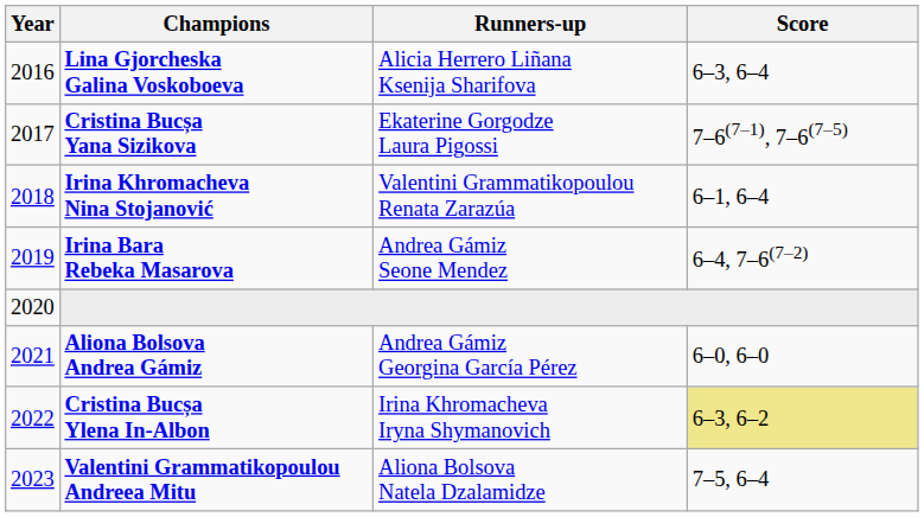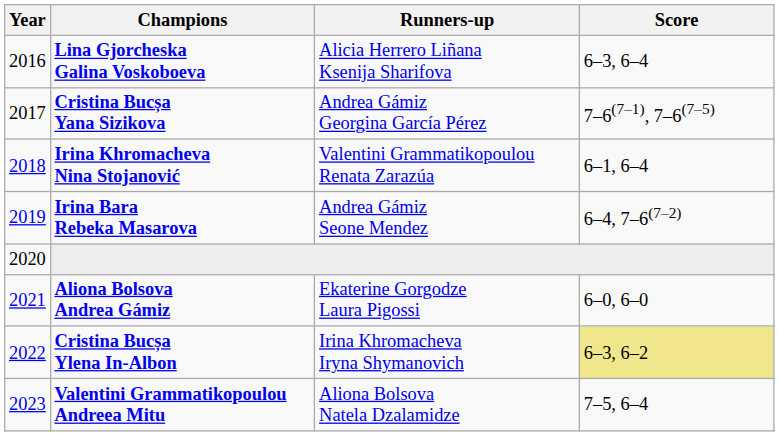 <table class="wikitable" style="font-size:90%">
 <tr>
 <th>Year</th>
 <th width="200">Champions</th>
 <th width="200">Runners-up</th>
 <th width="145">Score</th>
 </tr>
 <tr>
 <td>2016</td>
 <td> <strong><a href='#'>Lina Gjorcheska</a></strong> <br>  <strong><a href='#'>Galina Voskoboeva</a></strong></td>
 <td> <a href='#'>Alicia Herrero Liñana</a> <br>  <a href='#'>Ksenija Sharifova</a></td>
 <td>6–3, 6–4</td>
 </tr>
 <tr>
 <td>2017</td>
 <td> <strong><a href='#'>Cristina Bucșa</a></strong> <br>  <strong><a href='#'>Yana Sizikova</a></strong></td>
-<td> <a href='#'>Ekaterine Gorgodze</a> <br>  <a href='#'>Laura Pigossi</a></td>
+<td> <a href='#'>Andrea Gámiz</a> <br>  <a href='#'>Georgina García Pérez</a></td>
 <td>7–6<sup>(7–1)</sup>, 7–6<sup>(7–5)</sup></td>
 </tr>
 <tr>
 <td><a href='#'>2018</a></td>
 <td> <strong><a href='#'>Irina Khromacheva</a></strong> <br>  <strong><a href='#'>Nina Stojanović</a></strong></td>
 <td> <a href='#'>Valentini Grammatikopoulou</a> <br>  <a href='#'>Renata Zarazúa</a></td>
 <td>6–1, 6–4</td>
 </tr>
 <tr>
 <td><a href='#'>2019</a></td>
 <td> <strong><a href='#'>Irina Bara</a></strong> <br>  <strong><a href='#'>Rebeka Masarova</a></strong></td>
 <td> <a href='#'>Andrea Gámiz</a> <br>  <a href='#'>Seone Mendez</a></td>
 <td>6–4, 7–6<sup>(7–2)</sup></td>
 </tr>
 <tr>
 <td>2020</td>
 <td colspan=3 bgcolor="#ededed"></td>
 </tr>
 <tr>
 <td><a href='#'>2021</a></td>
 <td> <strong><a href='#'>Aliona Bolsova</a></strong> <br>  <strong><a href='#'>Andrea Gámiz</a></strong></td>
-<td> <a href='#'>Andrea Gámiz</a> <br>  <a href='#'>Georgina García Pérez</a></td>
+<td> <a href='#'>Ekaterine Gorgodze</a> <br>  <a href='#'>Laura Pigossi</a></td>
 <td>6–0, 6–0</td>
 </tr>
 <tr>
 <td><a href='#'>2022</a></td>
 <td> <strong><a href='#'>Cristina Bucșa</a></strong> <br>  <strong><a href='#'>Ylena In-Albon</a></strong></td>
 <td> <a href='#'>Irina Khromacheva</a> <br>  <a href='#'>Iryna Shymanovich</a></td>
 <td style="background: khaki;">6–3, 6–2</td>
 </tr>
 <tr>
 <td><a href='#'>2023</a></td>
 <td> <strong><a href='#'>Valentini Grammatikopoulou</a></strong> <br>  <strong><a href='#'>Andreea Mitu</a></strong></td>
 <td> <a href='#'>Aliona Bolsova</a> <br>  <a href='#'>Natela Dzalamidze</a></td>
 <td>7–5, 6–4</td>
 </tr>
 </table>
